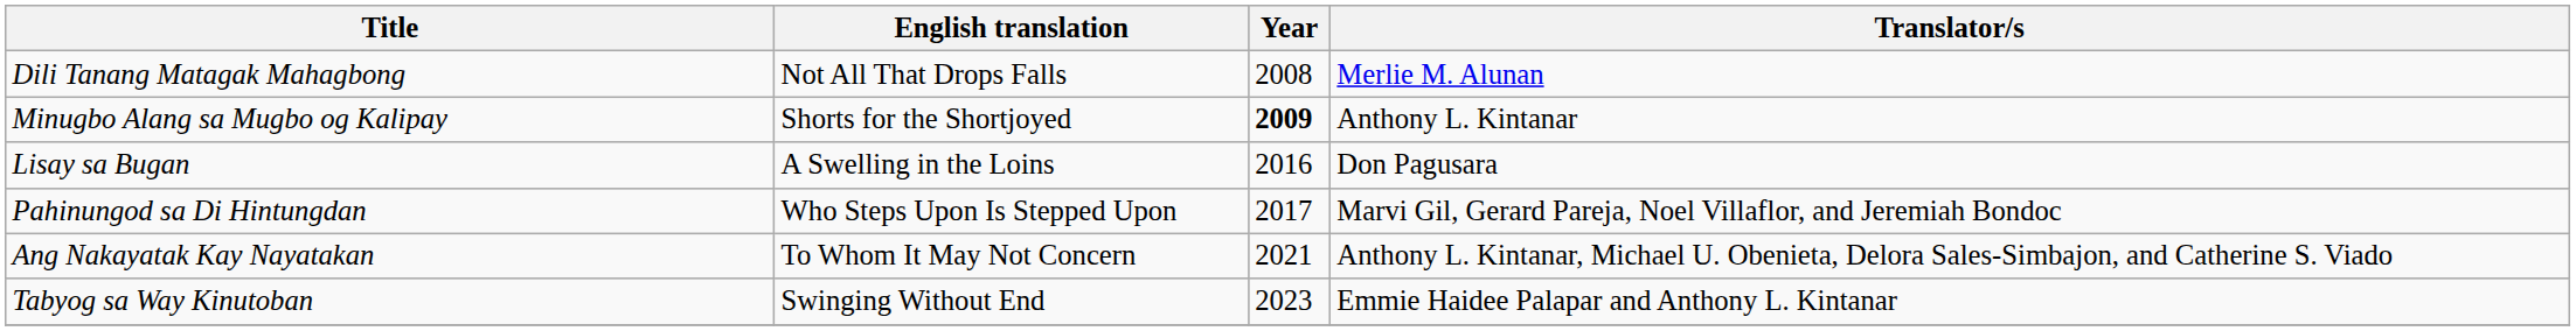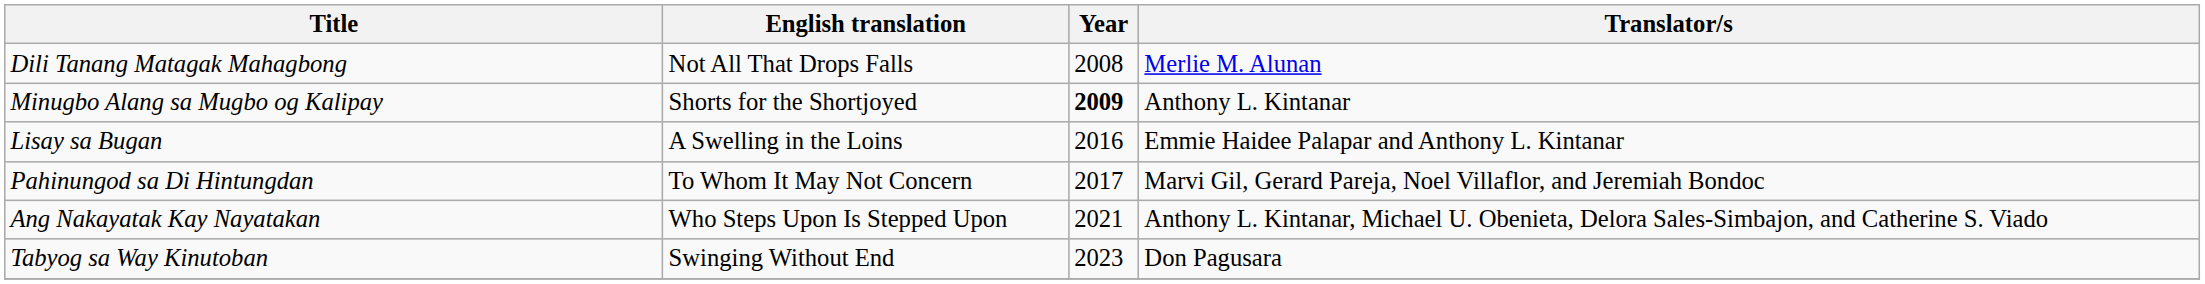 <table class='wikitable sortable' width='90%'>
 <tr>
 <th width=30%>Title</th>
 <th>English translation</th>
 <th>Year</th>
 <th>Translator/s</th>
 </tr>
 <tr>
 <td><em>Dili Tanang Matagak Mahagbong </em></td>
 <td>Not All That Drops Falls</td>
 <td>2008</td>
 <td><a href='#'>Merlie M. Alunan</a></td>
 </tr>
 <tr>
 <td><em>Minugbo Alang sa Mugbo og Kalipay</em> </td>
 <td>Shorts for the Shortjoyed</td>
 <td><strong>2009</strong></td>
 <td>Anthony L. Kintanar</td>
 </tr>
 <tr>
 <td><em>Lisay sa Bugan</em> </td>
 <td>A Swelling in the Loins</td>
 <td>2016</td>
-<td>Don Pagusara</td>
+<td>Emmie Haidee Palapar and Anthony L. Kintanar</td>
 </tr>
 <tr>
 <td><em>Pahinungod sa Di Hintungdan</em> </td>
-<td>Who Steps Upon Is Stepped Upon</td>
+<td>To Whom It May Not Concern</td>
 <td>2017</td>
 <td>Marvi Gil, Gerard Pareja, Noel Villaflor, and Jeremiah Bondoc</td>
 </tr>
 <tr>
 <td><em>Ang Nakayatak Kay Nayatakan</em> </td>
-<td>To Whom It May Not Concern</td>
+<td>Who Steps Upon Is Stepped Upon</td>
 <td>2021</td>
 <td>Anthony L. Kintanar, Michael U. Obenieta, Delora Sales-Simbajon, and Catherine S. Viado</td>
 </tr>
 <tr>
 <td><em>Tabyog sa Way Kinutoban</em> </td>
 <td>Swinging Without End</td>
 <td>2023</td>
-<td>Emmie Haidee Palapar and Anthony L. Kintanar</td>
+<td>Don Pagusara</td>
 </tr>
 <tr>
 </tr>
 </table>
